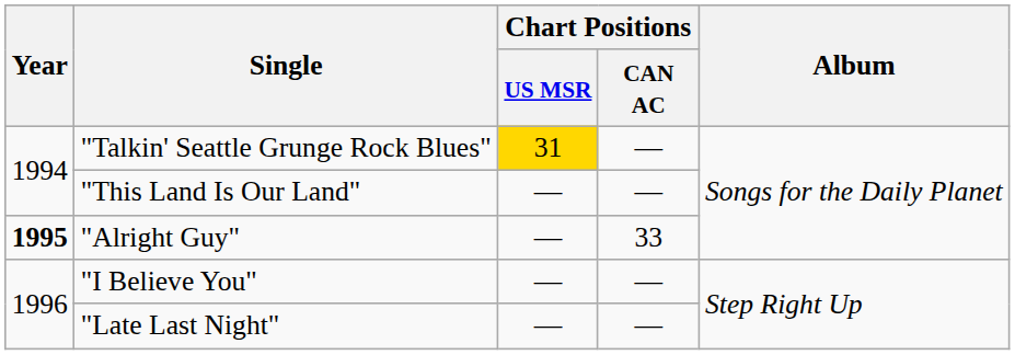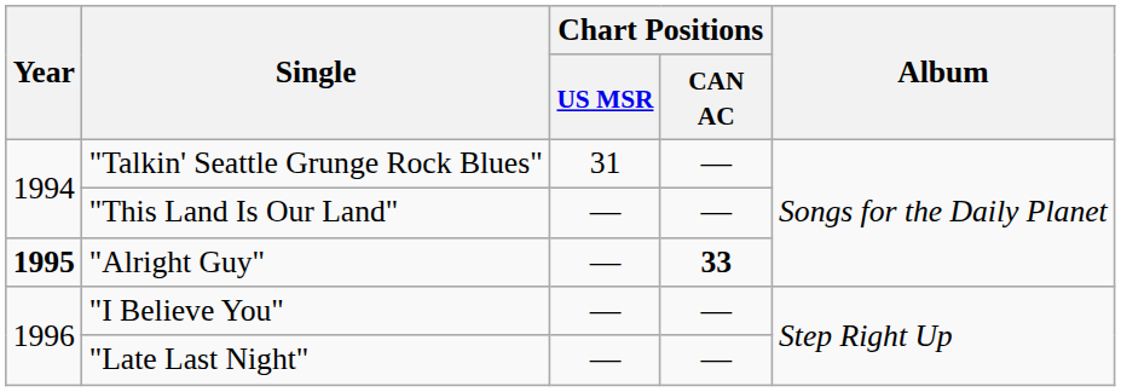 <table class="wikitable">
 <tr>
 <th rowspan="2">Year</th>
 <th rowspan="2">Single</th>
 <th colspan="2">Chart Positions</th>
 <th rowspan="2">Album</th>
 </tr>
 <tr>
 <th width="50"><small><a href='#'>US MSR</a></small></th>
 <th width="50"><small>CAN AC</small></th>
 </tr>
 <tr>
 <td rowspan=2>1994</td>
 <td>"Talkin' Seattle Grunge Rock Blues"</td>
-<td style="background: gold; text-align:center;">31</td>
+<td style="text-align:center;">31</td>
 <td style="text-align:center;">—</td>
 <td rowspan=3><em>Songs for the Daily Planet</em></td>
 </tr>
 <tr>
 <td>"This Land Is Our Land"</td>
 <td style="text-align:center;">—</td>
 <td style="text-align:center;">—</td>
 </tr>
 <tr>
 <td><strong>1995</strong></td>
 <td>"Alright Guy"</td>
 <td style="text-align:center;">—</td>
-<td style="text-align:center;">33</td>
+<td style="text-align:center;"><strong>33</strong></td>
 </tr>
 <tr>
 <td rowspan=2>1996</td>
 <td>"I Believe You"</td>
 <td style="text-align:center;">—</td>
 <td style="text-align:center;">—</td>
 <td rowspan=2><em>Step Right Up</em></td>
 </tr>
 <tr>
 <td>"Late Last Night"</td>
 <td style="text-align:center;">—</td>
 <td style="text-align:center;">—</td>
 </tr>
 </table>
